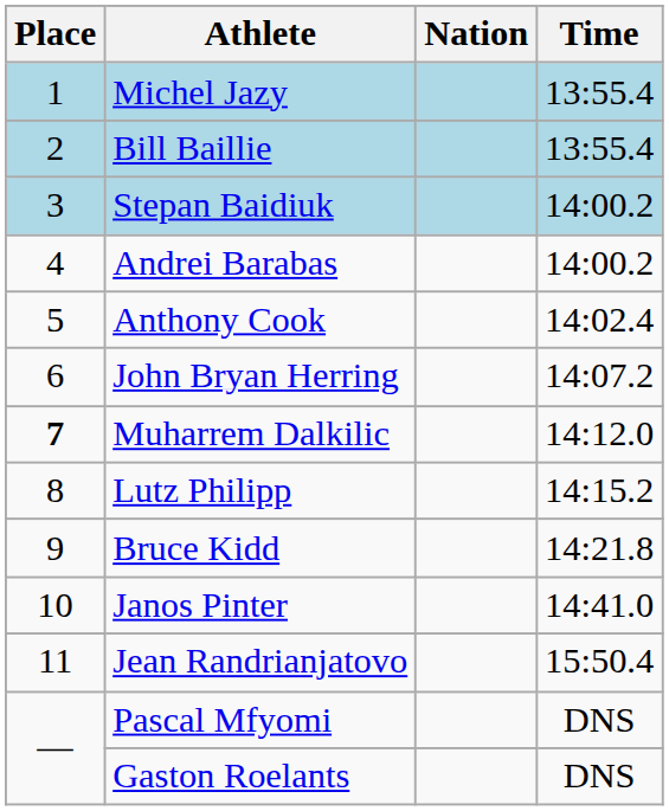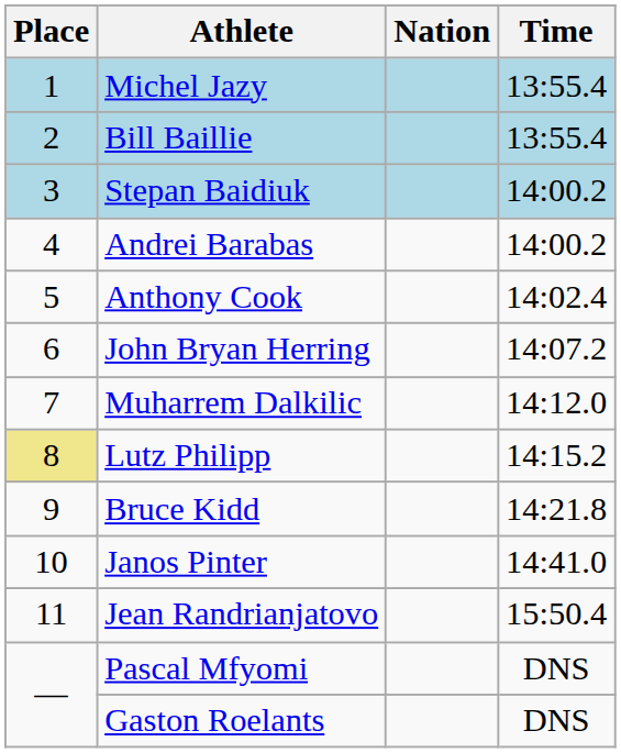 <table class=wikitable>
 <tr>
 <th>Place</th>
 <th>Athlete</th>
 <th>Nation</th>
 <th>Time</th>
 </tr>
 <tr align=center bgcolor=lightblue>
 <td>1</td>
 <td align=left><a href='#'>Michel Jazy</a></td>
 <td align=left></td>
 <td>13:55.4</td>
 </tr>
 <tr align=center bgcolor=lightblue>
 <td>2</td>
 <td align=left><a href='#'>Bill Baillie</a></td>
 <td align=left></td>
 <td>13:55.4</td>
 </tr>
 <tr align=center bgcolor=lightblue>
 <td>3</td>
 <td align=left><a href='#'>Stepan Baidiuk</a></td>
 <td align=left></td>
 <td>14:00.2</td>
 </tr>
 <tr align=center>
 <td>4</td>
 <td align=left><a href='#'>Andrei Barabas</a></td>
 <td align=left></td>
 <td>14:00.2</td>
 </tr>
 <tr align=center>
 <td>5</td>
 <td align=left><a href='#'>Anthony Cook</a></td>
 <td align=left></td>
 <td>14:02.4</td>
 </tr>
 <tr align=center>
 <td>6</td>
 <td align=left><a href='#'>John Bryan Herring</a></td>
 <td align=left></td>
 <td>14:07.2</td>
 </tr>
 <tr align=center>
-<td><strong>7</strong></td>
+<td>7</td>
 <td align=left><a href='#'>Muharrem Dalkilic</a></td>
 <td align=left></td>
 <td>14:12.0</td>
 </tr>
 <tr align=center>
-<td>8</td>
+<td style="background: khaki;">8</td>
 <td align=left><a href='#'>Lutz Philipp</a></td>
 <td align=left></td>
 <td>14:15.2</td>
 </tr>
 <tr align=center>
 <td>9</td>
 <td align=left><a href='#'>Bruce Kidd</a></td>
 <td align=left></td>
 <td>14:21.8</td>
 </tr>
 <tr align=center>
 <td>10</td>
 <td align=left><a href='#'>Janos Pinter</a></td>
 <td align=left></td>
 <td>14:41.0</td>
 </tr>
 <tr align=center>
 <td>11</td>
 <td align=left><a href='#'>Jean Randrianjatovo</a></td>
 <td align=left></td>
 <td>15:50.4</td>
 </tr>
 <tr align=center>
 <td rowspan=2>—</td>
 <td align=left><a href='#'>Pascal Mfyomi</a></td>
 <td align=left></td>
 <td>DNS</td>
 </tr>
 <tr align=center>
 <td align=left><a href='#'>Gaston Roelants</a></td>
 <td align=left></td>
 <td>DNS</td>
 </tr>
 </table>
